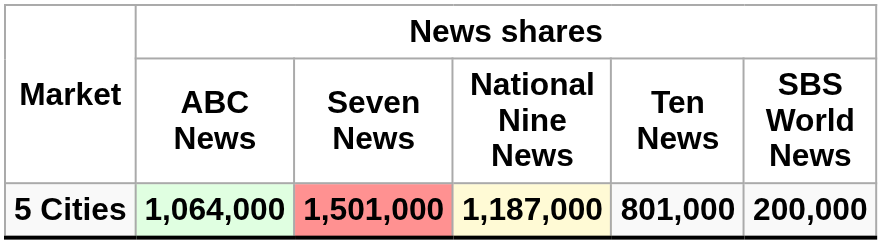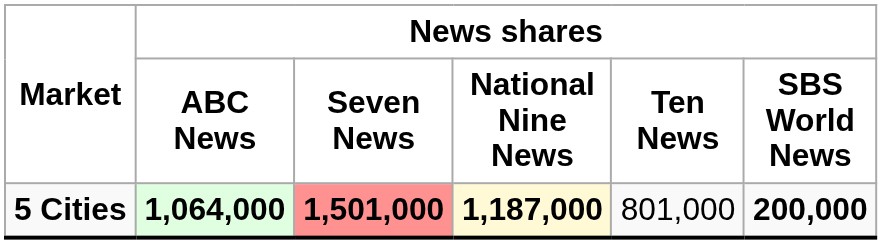 <table border="1" cellpadding="4" cellspacing="0" style="border:1px solid #aaa; border-collapse:collapse">
 <tr bgcolor="white" align="center">
 <th rowspan=2>Market</th>
 <th colspan=5>News shares</th>
 </tr>
 <tr bgcolor="white" align="center">
 <td width=55><strong>ABC News</strong></td>
 <td width=55><strong>Seven News</strong></td>
 <td width=55><strong>National Nine News</strong></td>
 <td width=55><strong>Ten News</strong></td>
 <td width=55><strong>SBS World News</strong></td>
 </tr>
 <tr align=center bgcolor="#f9f9f9">
 <th style="text-align:center;border-bottom: solid 2px;">5 Cities</th>
 <th style="background-color: #e0ffe1;border-bottom: solid 2px;">1,064,000</th>
 <th style="background-color: #ff9191;border-bottom: solid 2px;">1,501,000</th>
 <th style="background-color: #FFFAD5;border-bottom: solid 2px;">1,187,000</th>
-<td style="text-align:center;border-bottom: solid 2px;"><strong>801,000</strong></td>
+<td style="text-align:center;border-bottom: solid 2px;">801,000</td>
 <td style="text-align:center;border-bottom: solid 2px;"><strong>200,000</strong></td>
 </tr>
 </table>
